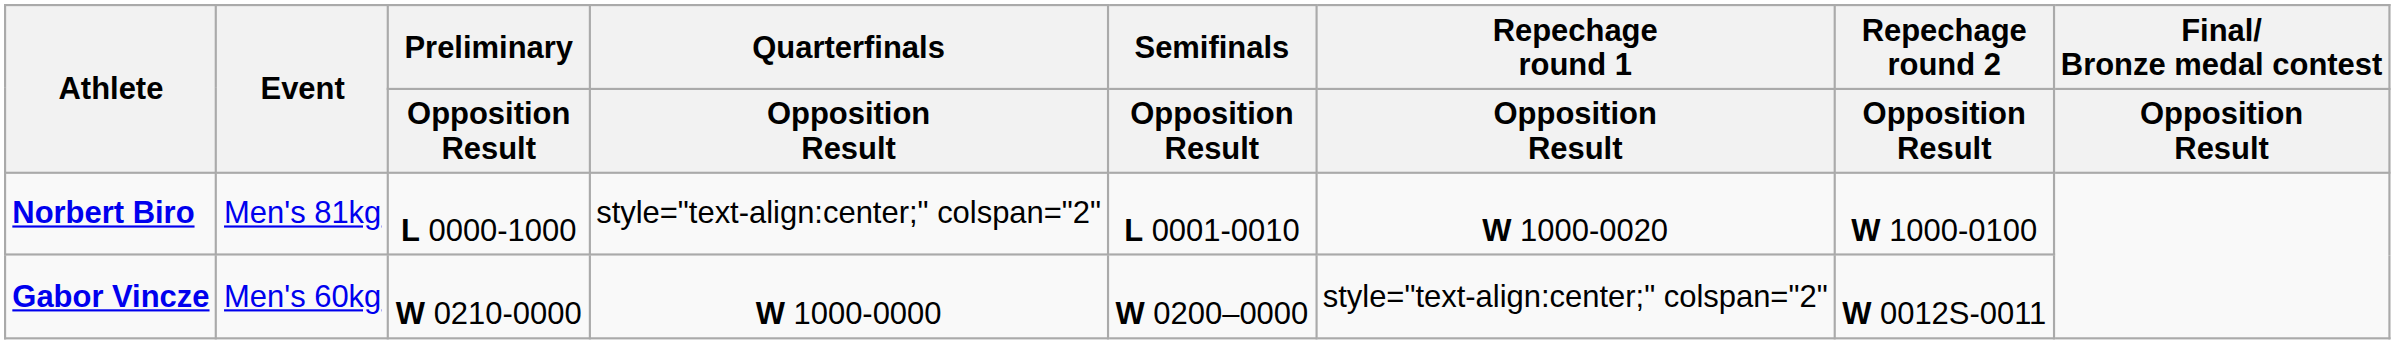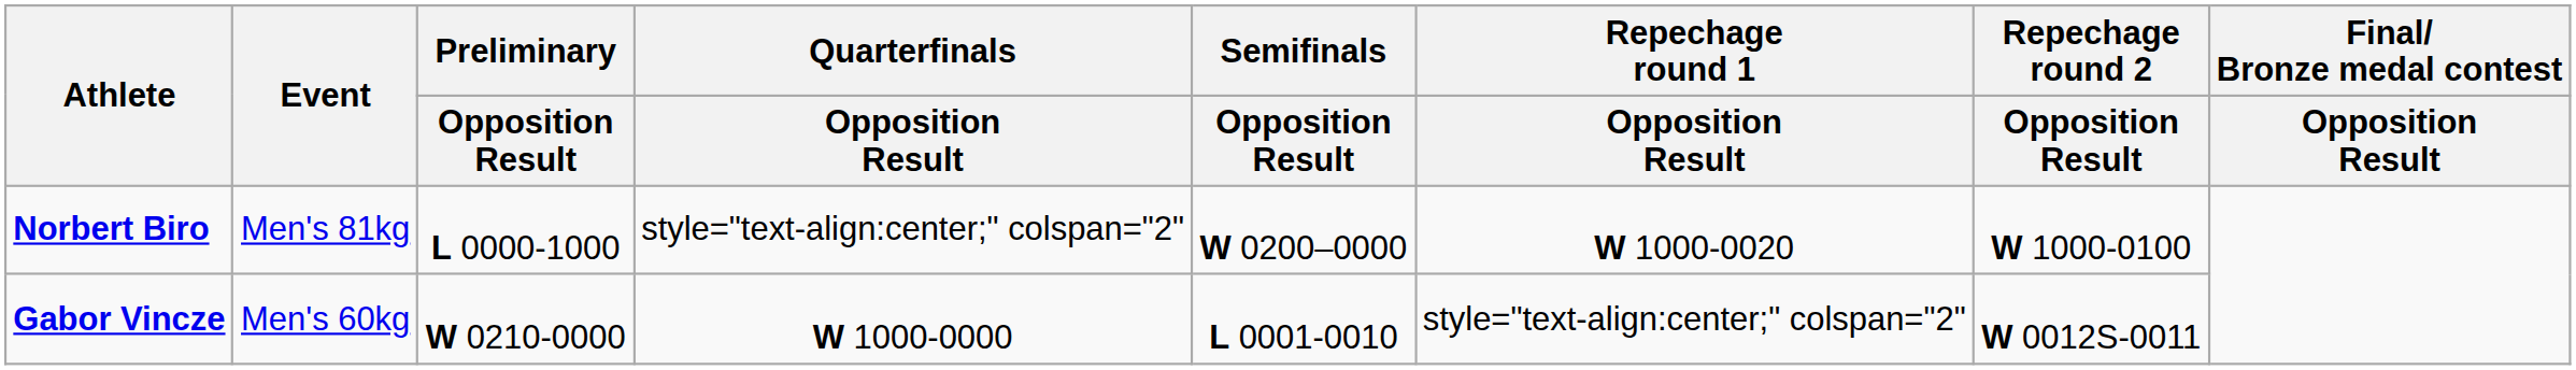 <table class=wikitable style="font-size:90%">
 <tr>
 <th rowspan="2">Athlete</th>
 <th rowspan="2">Event</th>
 <th>Preliminary</th>
 <th>Quarterfinals</th>
 <th>Semifinals</th>
 <th>Repechage <br>round 1</th>
 <th>Repechage <br>round 2</th>
 <th>Final/<br>Bronze medal contest</th>
 </tr>
 <tr>
 <th>Opposition<br>Result</th>
 <th>Opposition<br>Result</th>
 <th>Opposition<br>Result</th>
 <th>Opposition<br>Result</th>
 <th>Opposition<br>Result</th>
 <th>Opposition<br>Result</th>
 </tr>
 <tr>
 <td><strong><a href='#'>Norbert Biro</a></strong></td>
 <td style="text-align:center;"><a href='#'>Men's 81kg</a></td>
 <td style="text-align:center;"><br> <strong>L</strong> 0000-1000</td>
 <td>style="text-align:center;" colspan="2" </td>
-<td style="text-align:center;"><br> <strong>L</strong> 0001-0010</td>
+<td style="text-align:center;"><br> <strong>W</strong> 0200–0000</td>
 <td style="text-align:center;"><br> <strong>W</strong> 1000-0020</td>
 <td style="text-align:center;"><br> <strong>W</strong> 1000-0100 </td>
 </tr>
 <tr>
 <td><strong><a href='#'>Gabor Vincze</a></strong></td>
 <td style="text-align:center;"><a href='#'>Men's 60kg</a></td>
 <td style="text-align:center;"><br> <strong>W</strong> 0210-0000</td>
 <td style="text-align:center;"><br> <strong>W</strong> 1000-0000</td>
-<td style="text-align:center;"><br> <strong>W</strong> 0200–0000</td>
+<td style="text-align:center;"><br> <strong>L</strong> 0001-0010</td>
 <td>style="text-align:center;" colspan="2" </td>
 <td style="text-align:center;"><br> <strong>W</strong> 0012S-0011 </td>
 </tr>
 </table>
